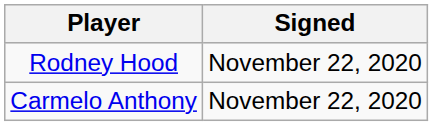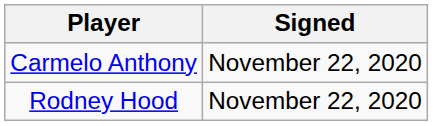 <table class="wikitable sortable sortable" style="text-align: center">
 <tr>
 <th>Player</th>
 <th>Signed</th>
 </tr>
 <tr style="text-align: center">
+<td><a href='#'>Carmelo Anthony</a></td>
+<td>November 22, 2020</td>
+</tr>
+<tr style="text-align: center">
 <td><a href='#'>Rodney Hood</a></td>
 <td>November 22, 2020</td>
 </tr>
-<tr style="text-align: center">
-<td><a href='#'>Carmelo Anthony</a></td>
-<td>November 22, 2020</td>
-</tr>
 </table>
